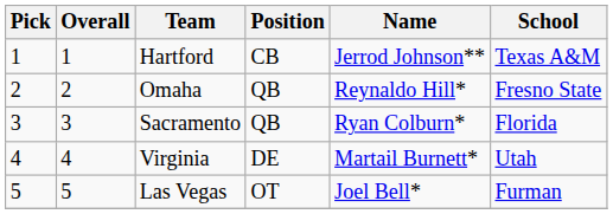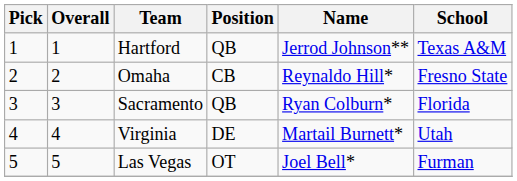 <table class="wikitable">
 <tr>
 <th>Pick</th>
 <th>Overall</th>
 <th>Team</th>
 <th>Position</th>
 <th>Name</th>
 <th>School</th>
 </tr>
 <tr>
 <td>1</td>
 <td>1</td>
 <td>Hartford</td>
-<td>CB</td>
+<td>QB</td>
 <td><a href='#'>Jerrod Johnson</a>**</td>
 <td><a href='#'>Texas A&M</a></td>
 </tr>
 <tr>
 <td>2</td>
 <td>2</td>
 <td>Omaha</td>
-<td>QB</td>
+<td>CB</td>
 <td><a href='#'>Reynaldo Hill</a>*</td>
 <td><a href='#'>Fresno State</a></td>
 </tr>
 <tr>
 <td>3</td>
 <td>3</td>
 <td>Sacramento</td>
 <td>QB</td>
 <td><a href='#'>Ryan Colburn</a>*</td>
 <td><a href='#'>Florida</a></td>
 </tr>
 <tr>
 <td>4</td>
 <td>4</td>
 <td>Virginia</td>
 <td>DE</td>
 <td><a href='#'>Martail Burnett</a>*</td>
 <td><a href='#'>Utah</a></td>
 </tr>
 <tr>
 <td>5</td>
 <td>5</td>
 <td>Las Vegas</td>
 <td>OT</td>
 <td><a href='#'>Joel Bell</a>*</td>
 <td><a href='#'>Furman</a></td>
 </tr>
 <tr>
 </tr>
 </table>
